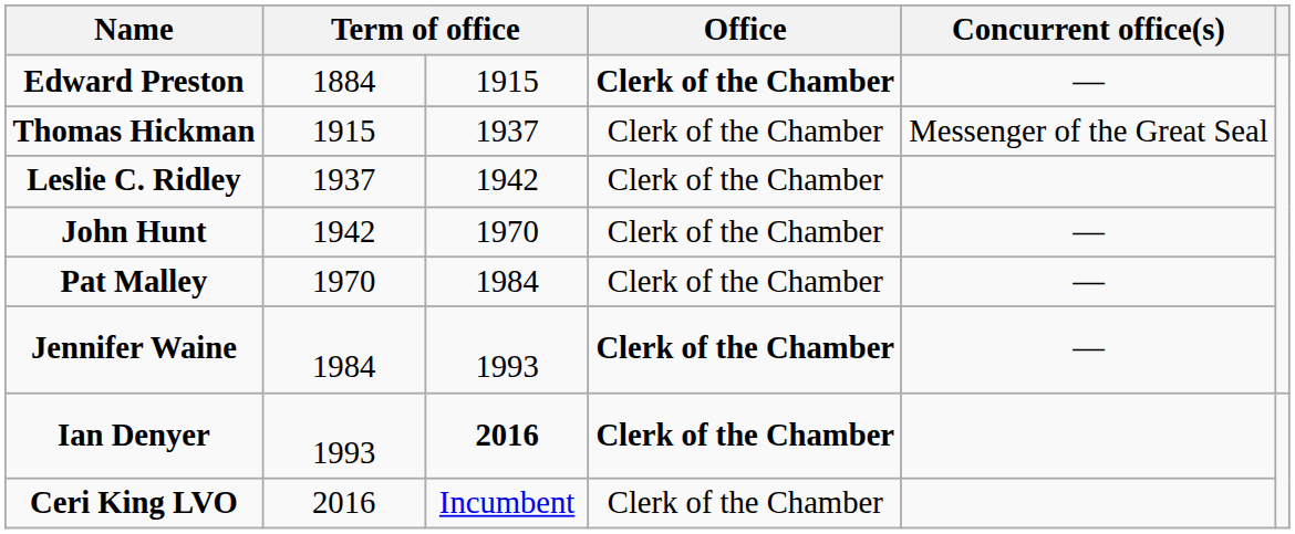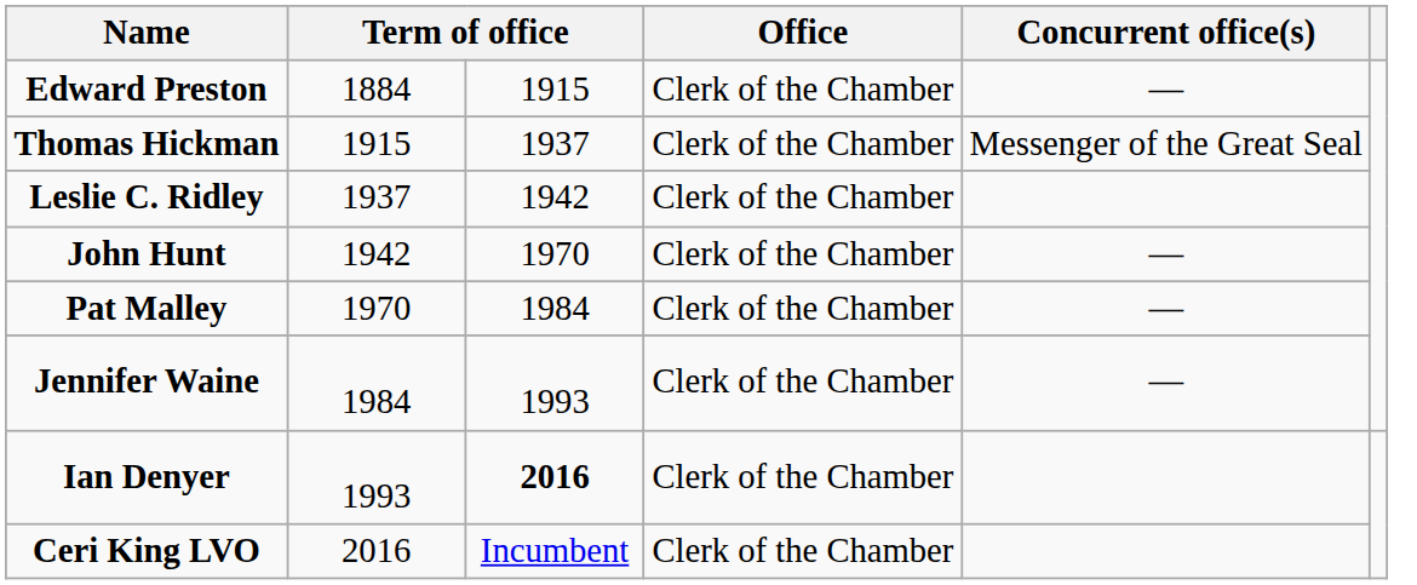 <table class="wikitable plainrowheaders" style="text-align:center;">
 <tr>
 <th>Name</th>
 <th colspan=2 width=75 style="min-width:75px;">Term of office</th>
 <th>Office</th>
 <th>Concurrent office(s)</th>
 <th></th>
 </tr>
 <tr>
 <td><strong> Edward Preston</strong></td>
 <td width=75 style="min-width:75px;">1884</td>
 <td width=75 style="min-width:75px;">1915</td>
-<td><strong>Clerk of the Chamber</strong></td>
+<td>Clerk of the Chamber</td>
 <td>—</td>
 <td rowspan=6></td>
 </tr>
 <tr>
 <td><strong>Thomas Hickman</strong></td>
 <td>1915</td>
 <td>1937</td>
 <td>Clerk of the Chamber</td>
 <td>Messenger of the Great Seal</td>
 </tr>
 <tr>
 <td><strong>Leslie C. Ridley</strong></td>
 <td>1937</td>
 <td> 1942</td>
 <td>Clerk of the Chamber</td>
 <td style="padding-bottom:0.5em; padding-right:1em; text-align:left"></td>
 </tr>
 <tr>
 <td><strong>John Hunt</strong></td>
 <td> 1942</td>
 <td>1970</td>
 <td>Clerk of the Chamber</td>
 <td>—</td>
 </tr>
 <tr>
 <td><strong>Pat Malley</strong></td>
 <td>1970</td>
 <td>1984</td>
 <td>Clerk of the Chamber</td>
 <td>—</td>
 </tr>
 <tr>
 <td><strong>Jennifer Waine</strong></td>
 <td><br>1984</td>
 <td><br>1993</td>
-<td><strong>Clerk of the Chamber</strong></td>
+<td>Clerk of the Chamber</td>
 <td>—</td>
 </tr>
 <tr>
 <td><strong>Ian Denyer</strong><br><small></small></td>
 <td><br>1993</td>
 <td><strong>2016</strong></td>
-<td><strong>Clerk of the Chamber</strong></td>
+<td>Clerk of the Chamber</td>
 <td style="padding-bottom:0.5em; padding-right:1em; text-align:left"></td>
 <td rowspan=2></td>
 </tr>
 <tr>
 <td><strong>Ceri King LVO</strong></td>
 <td>2016</td>
 <td><a href='#'>Incumbent</a></td>
 <td>Clerk of the Chamber</td>
 <td style="padding-bottom:0.5em; padding-right:1em; text-align:left"></td>
 </tr>
 </table>
